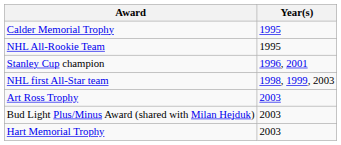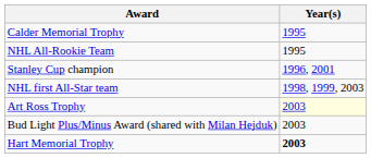 <table class="wikitable">
 <tr>
 <th>Award</th>
 <th>Year(s)</th>
 </tr>
 <tr>
 <td><a href='#'>Calder Memorial Trophy</a></td>
 <td><a href='#'>1995</a></td>
 </tr>
 <tr>
 <td><a href='#'>NHL All-Rookie Team</a></td>
 <td>1995</td>
 </tr>
 <tr>
 <td><a href='#'>Stanley Cup</a> champion</td>
 <td><a href='#'>1996</a>, <a href='#'>2001</a></td>
 </tr>
 <tr>
 <td><a href='#'>NHL first All-Star team</a></td>
 <td><a href='#'>1998</a>, <a href='#'>1999</a>, 2003</td>
 </tr>
 <tr>
 <td><a href='#'>Art Ross Trophy</a></td>
-<td><a href='#'>2003</a></td>
+<td style="background: lightyellow;"><a href='#'>2003</a></td>
 </tr>
 <tr>
 <td>Bud Light <a href='#'>Plus/Minus</a> Award (shared with <a href='#'>Milan Hejduk</a>)</td>
 <td>2003</td>
 </tr>
 <tr>
 <td><a href='#'>Hart Memorial Trophy</a></td>
-<td>2003</td>
+<td><strong>2003</strong></td>
 </tr>
 </table>
